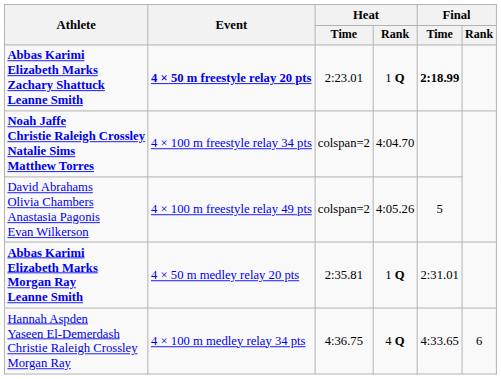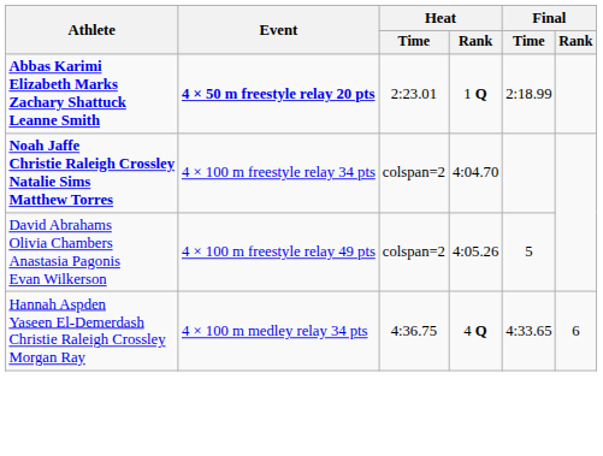 <table class=wikitable style=font-size:90%;text-align:center>
 <tr>
 <th rowspan=2>Athlete</th>
 <th rowspan=2>Event</th>
 <th colspan=2>Heat</th>
 <th colspan=2>Final</th>
 </tr>
 <tr style=font-size:95%>
 <th>Time</th>
 <th>Rank</th>
 <th>Time</th>
 <th>Rank</th>
 </tr>
 <tr>
 <td align=left><strong><a href='#'>Abbas Karimi</a><br><a href='#'>Elizabeth Marks</a><br><a href='#'>Zachary Shattuck</a><br><a href='#'>Leanne Smith</a></strong></td>
 <td align=left><strong><a href='#'>4 × 50 m freestyle relay 20 pts</a></strong></td>
 <td>2:23.01</td>
 <td>1 <strong>Q</strong></td>
-<td><strong>2:18.99 </strong></td>
+<td>2:18.99 </td>
 <td></td>
 </tr>
 <tr>
 <td align=left><strong><a href='#'>Noah Jaffe</a><br><a href='#'>Christie Raleigh Crossley</a><br><a href='#'>Natalie Sims</a><br><a href='#'>Matthew Torres</a></strong></td>
 <td align=left><a href='#'>4 × 100 m freestyle relay 34 pts</a></td>
 <td>colspan=2 </td>
 <td>4:04.70 </td>
 <td></td>
 </tr>
 <tr>
 <td align=left><a href='#'>David Abrahams</a><br><a href='#'>Olivia Chambers</a><br><a href='#'>Anastasia Pagonis</a><br><a href='#'>Evan Wilkerson</a></td>
 <td align=left><a href='#'>4 × 100 m freestyle relay 49 pts</a></td>
 <td>colspan=2 </td>
 <td>4:05.26</td>
 <td>5</td>
 </tr>
 <tr>
-<td align=left><strong><a href='#'>Abbas Karimi</a><br><a href='#'>Elizabeth Marks</a><br><a href='#'>Morgan Ray</a><br><a href='#'>Leanne Smith</a></strong></td>
-<td align=left><a href='#'>4 × 50 m medley relay 20 pts</a></td>
-<td>2:35.81</td>
-<td>1 <strong>Q</strong></td>
-<td>2:31.01 </td>
-<td></td>
-</tr>
-<tr>
 <td align=left><a href='#'>Hannah Aspden</a><br><a href='#'>Yaseen El-Demerdash</a><br><a href='#'>Christie Raleigh Crossley</a><br><a href='#'>Morgan Ray</a></td>
 <td align=left><a href='#'>4 × 100 m medley relay 34 pts</a></td>
 <td>4:36.75 </td>
 <td>4 <strong>Q</strong></td>
 <td>4:33.65 </td>
 <td>6</td>
 </tr>
 </table>
